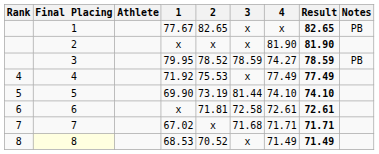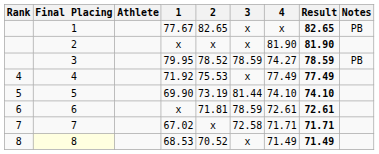 <table class="wikitable sortable" style="text-align:center">
 <tr>
 <th>Rank</th>
 <th>Final Placing</th>
 <th>Athlete</th>
 <th>1</th>
 <th>2</th>
 <th>3</th>
 <th>4</th>
 <th>Result</th>
 <th>Notes</th>
 </tr>
 <tr>
 <td></td>
 <td>1</td>
 <td align=left></td>
 <td>77.67</td>
 <td>82.65</td>
 <td>x</td>
 <td>x</td>
 <td><strong>82.65</strong></td>
 <td>PB</td>
 </tr>
 <tr>
 <td></td>
 <td>2</td>
 <td align=left></td>
 <td>x</td>
 <td>x</td>
 <td>x</td>
 <td>81.90</td>
 <td><strong>81.90</strong></td>
 <td></td>
 </tr>
 <tr>
 <td></td>
 <td>3</td>
 <td align=left></td>
 <td>79.95</td>
 <td>78.52</td>
 <td>78.59</td>
 <td>74.27</td>
 <td><strong>78.59</strong></td>
 <td>PB</td>
 </tr>
 <tr>
 <td>4</td>
 <td>4</td>
 <td align=left></td>
 <td>71.92</td>
 <td>75.53</td>
 <td>x</td>
 <td>77.49</td>
 <td><strong>77.49</strong></td>
 <td></td>
 </tr>
 <tr>
 <td>5</td>
 <td>5</td>
 <td align=left></td>
 <td>69.90</td>
 <td>73.19</td>
 <td>81.44</td>
 <td>74.10</td>
 <td><strong>74.10</strong></td>
 <td></td>
 </tr>
 <tr>
 <td>6</td>
 <td>6</td>
 <td align=left></td>
 <td>x</td>
 <td>71.81</td>
-<td>72.58</td>
+<td>78.59</td>
 <td>72.61</td>
 <td><strong>72.61</strong></td>
 <td></td>
 </tr>
 <tr>
 <td>7</td>
 <td>7</td>
 <td align=left></td>
 <td>67.02</td>
 <td>x</td>
-<td>71.68</td>
+<td>72.58</td>
 <td>71.71</td>
 <td><strong>71.71</strong></td>
 <td></td>
 </tr>
 <tr>
 <td>8</td>
 <td style="background: lightyellow;">8</td>
 <td align=left></td>
 <td>68.53</td>
 <td>70.52</td>
 <td>x</td>
 <td>71.49</td>
 <td><strong>71.49</strong></td>
 <td></td>
 </tr>
 </table>
